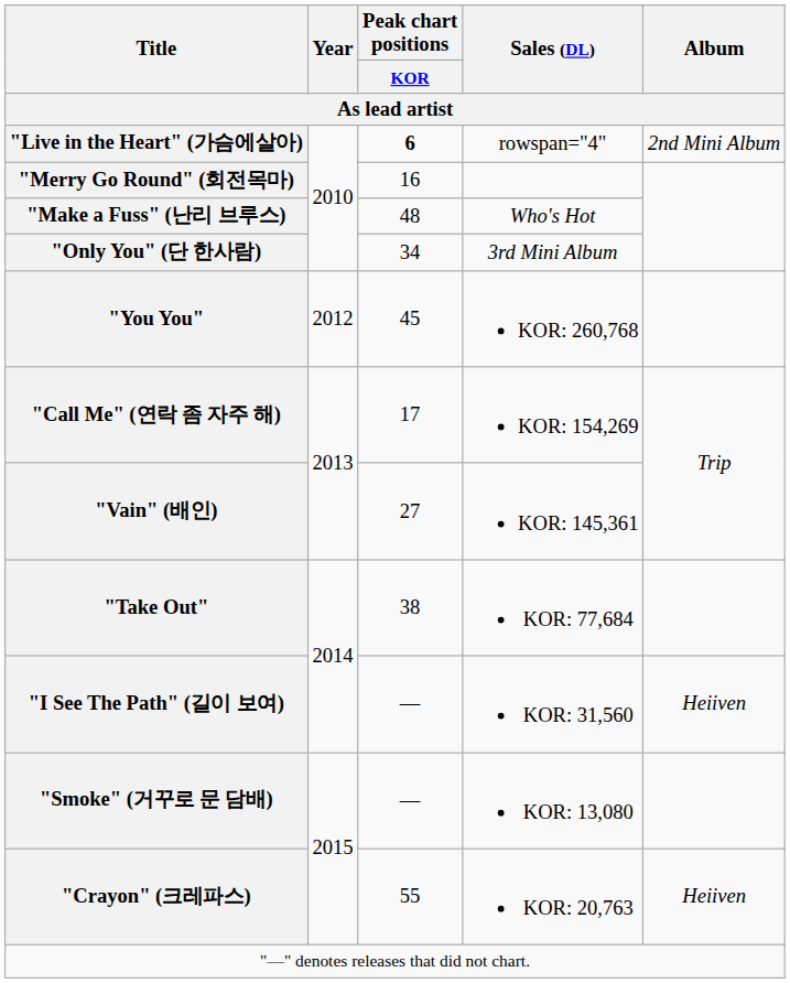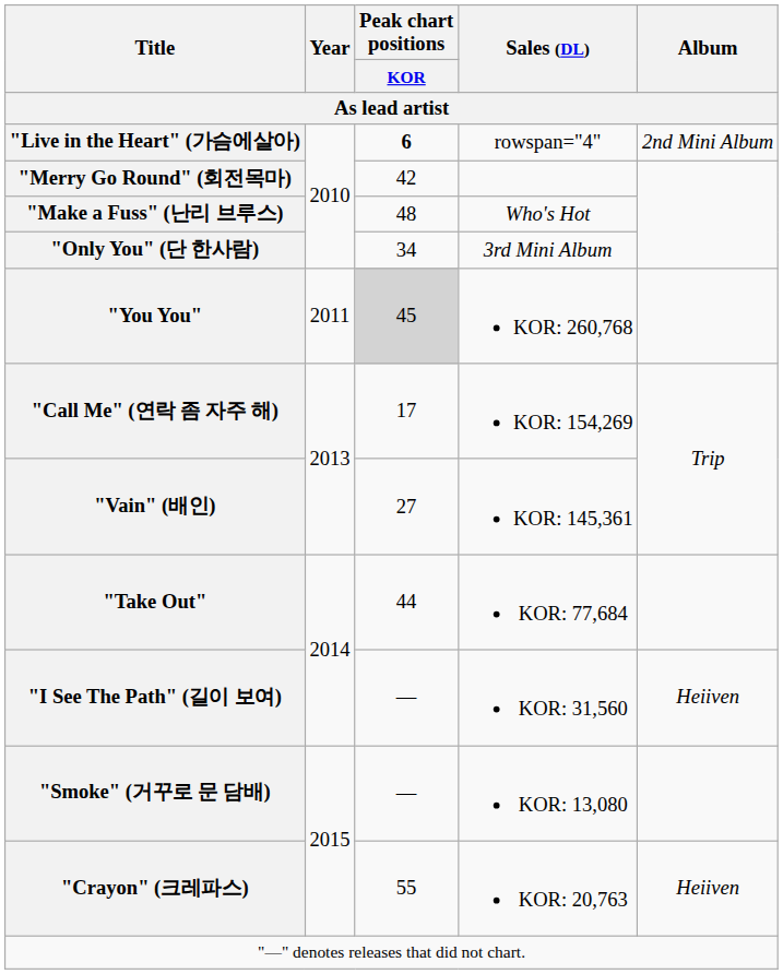 <table class="wikitable plainrowheaders" style="text-align:center;">
 <tr>
 <th scope="col" rowspan="2">Title</th>
 <th scope="col" rowspan="2">Year</th>
 <th scope="col" colspan="1">Peak chart <br> positions</th>
 <th scope="col" rowspan="2">Sales <small>(<a href='#'>DL</a>)</small></th>
 <th scope="col" rowspan="2">Album</th>
 </tr>
 <tr>
 <th><small><a href='#'>KOR</a></small><br></th>
 </tr>
 <tr>
 <th scope="col" colspan="5">As lead artist</th>
 </tr>
 <tr>
 <th scope="row">"Live in the Heart" (가슴에살아)<br></th>
 <td rowspan="4">2010</td>
 <td><strong>6</strong></td>
 <td>rowspan="4" </td>
 <td><em>2nd Mini Album</em></td>
 </tr>
 <tr>
 <th scope="row">"Merry Go Round" (회전목마)</th>
-<td>16</td>
+<td>42</td>
 <td></td>
 </tr>
 <tr>
 <th scope="row">"Make a Fuss" (난리 브루스)<br></th>
 <td>48</td>
 <td><em>Who's Hot</em></td>
 </tr>
 <tr>
 <th scope="row">"Only You" (단 한사람)<br></th>
 <td>34</td>
 <td><em>3rd Mini Album</em></td>
 </tr>
 <tr>
 <th scope="row">"You You"<br></th>
-<td>2012</td>
-<td>45</td>
+<td>2011</td>
+<td style="background: lightgrey;">45</td>
 <td><br><ul><li>KOR: 260,768</li></ul></td>
 <td></td>
 </tr>
 <tr>
 <th scope="row">"Call Me" (연락 좀 자주 해)<br></th>
 <td rowspan="2">2013</td>
 <td>17</td>
 <td><br><ul><li>KOR: 154,269</li></ul></td>
 <td rowspan="2"><em>Trip</em></td>
 </tr>
 <tr>
 <th scope="row">"Vain" (배인)<br></th>
 <td>27</td>
 <td><br><ul><li>KOR: 145,361</li></ul></td>
 </tr>
 <tr>
 <th scope="row">"Take Out"<br></th>
 <td rowspan="2">2014</td>
-<td>38</td>
+<td>44</td>
 <td><br><ul><li>KOR: 77,684</li></ul></td>
 <td></td>
 </tr>
 <tr>
 <th scope="row">"I See The Path" (길이 보여)<br></th>
 <td>—</td>
 <td><br><ul><li>KOR: 31,560</li></ul></td>
 <td><em>Heiiven</em></td>
 </tr>
 <tr>
 <th scope="row">"Smoke" (거꾸로 문 담배)<br></th>
 <td rowspan="2">2015</td>
 <td>—</td>
 <td><br><ul><li>KOR: 13,080</li></ul></td>
 <td></td>
 </tr>
 <tr>
 <th scope="row">"Crayon" (크레파스)</th>
 <td>55</td>
 <td><br><ul><li>KOR: 20,763</li></ul></td>
 <td><em>Heiiven</em></td>
 </tr>
 <tr>
 <td colspan="5" align="center"><small>"—" denotes releases that did not chart.</small></td>
 </tr>
 </table>
